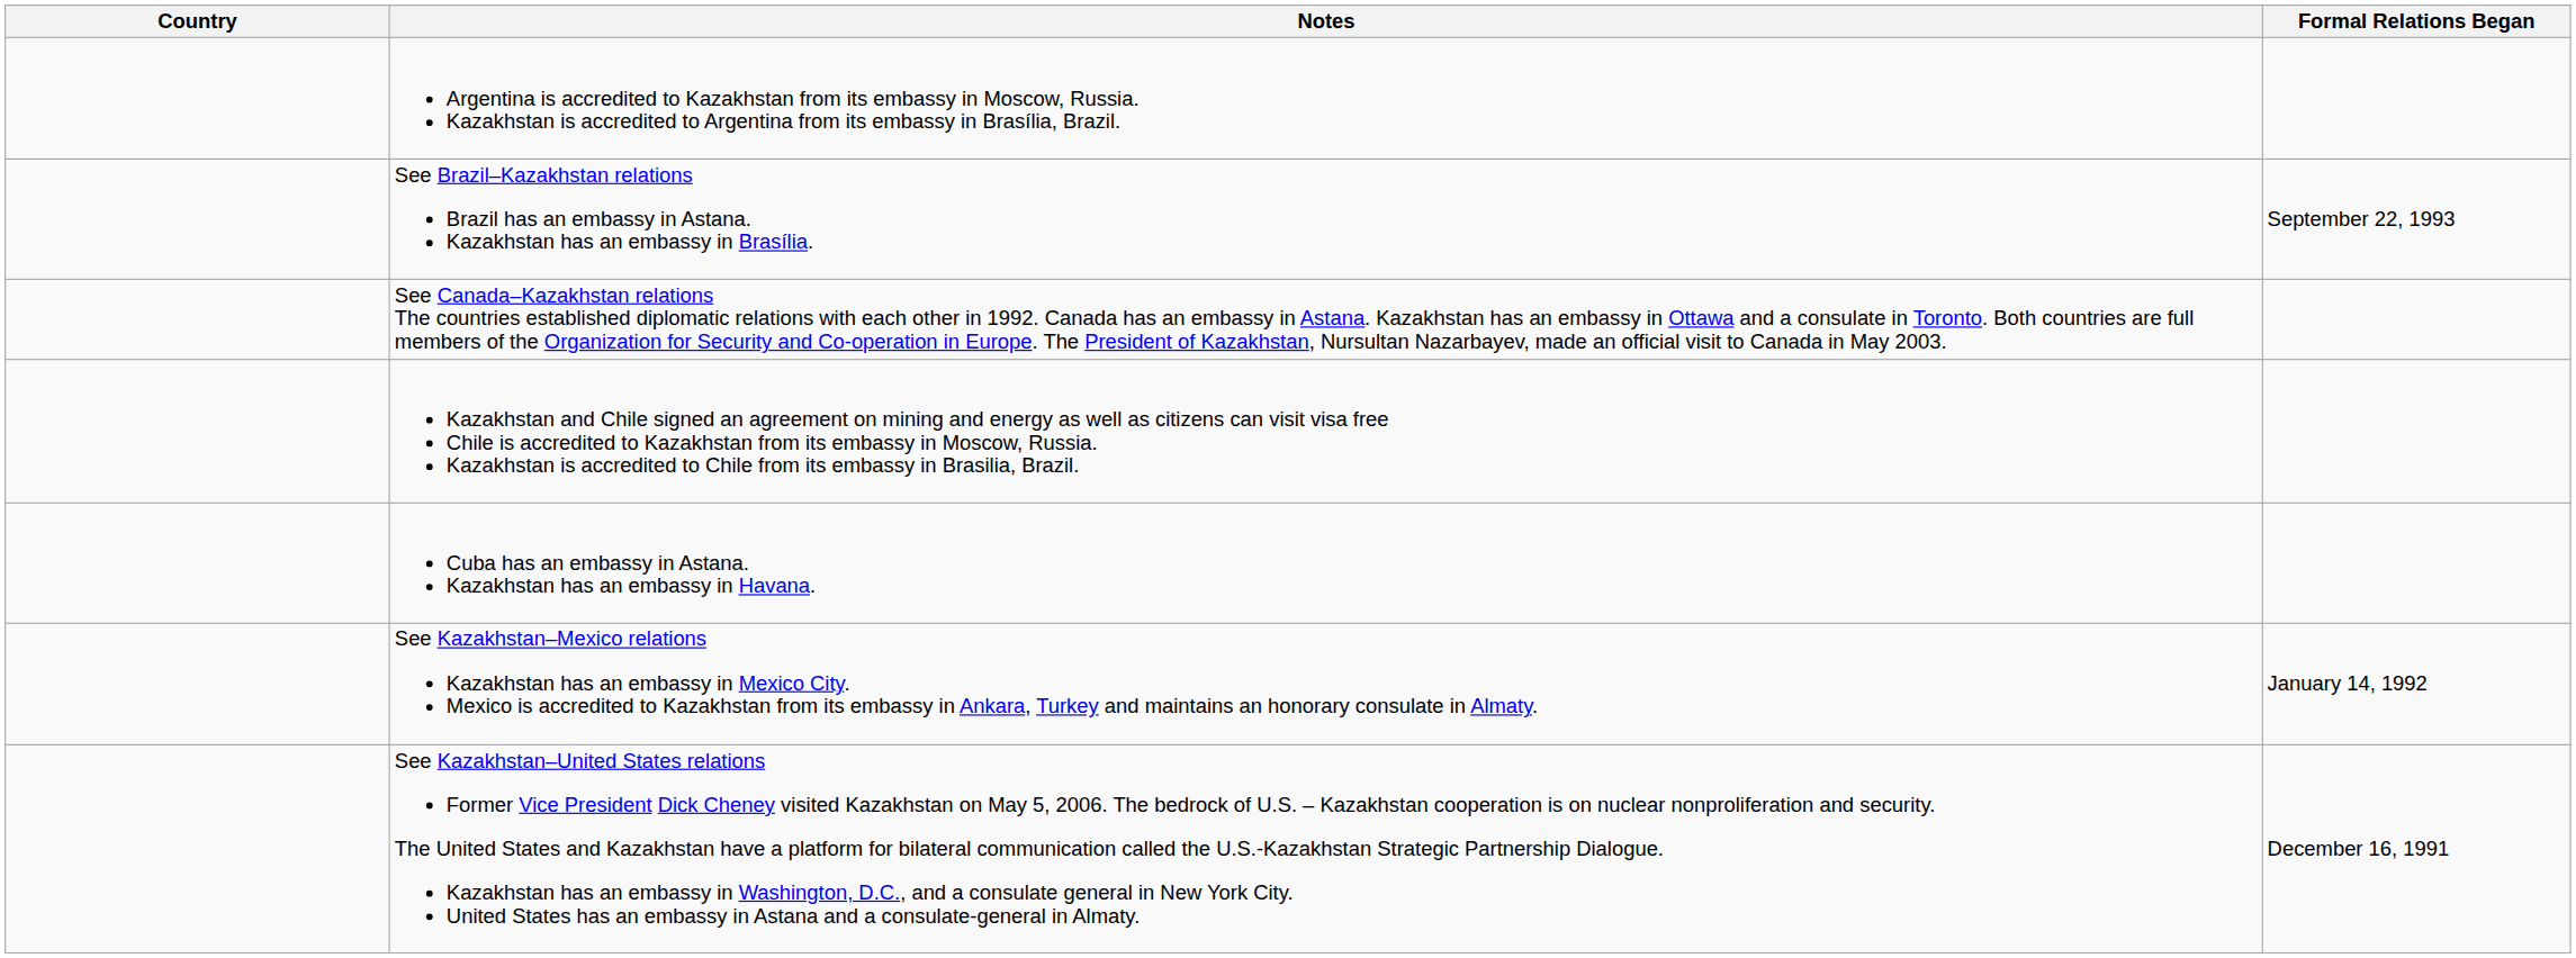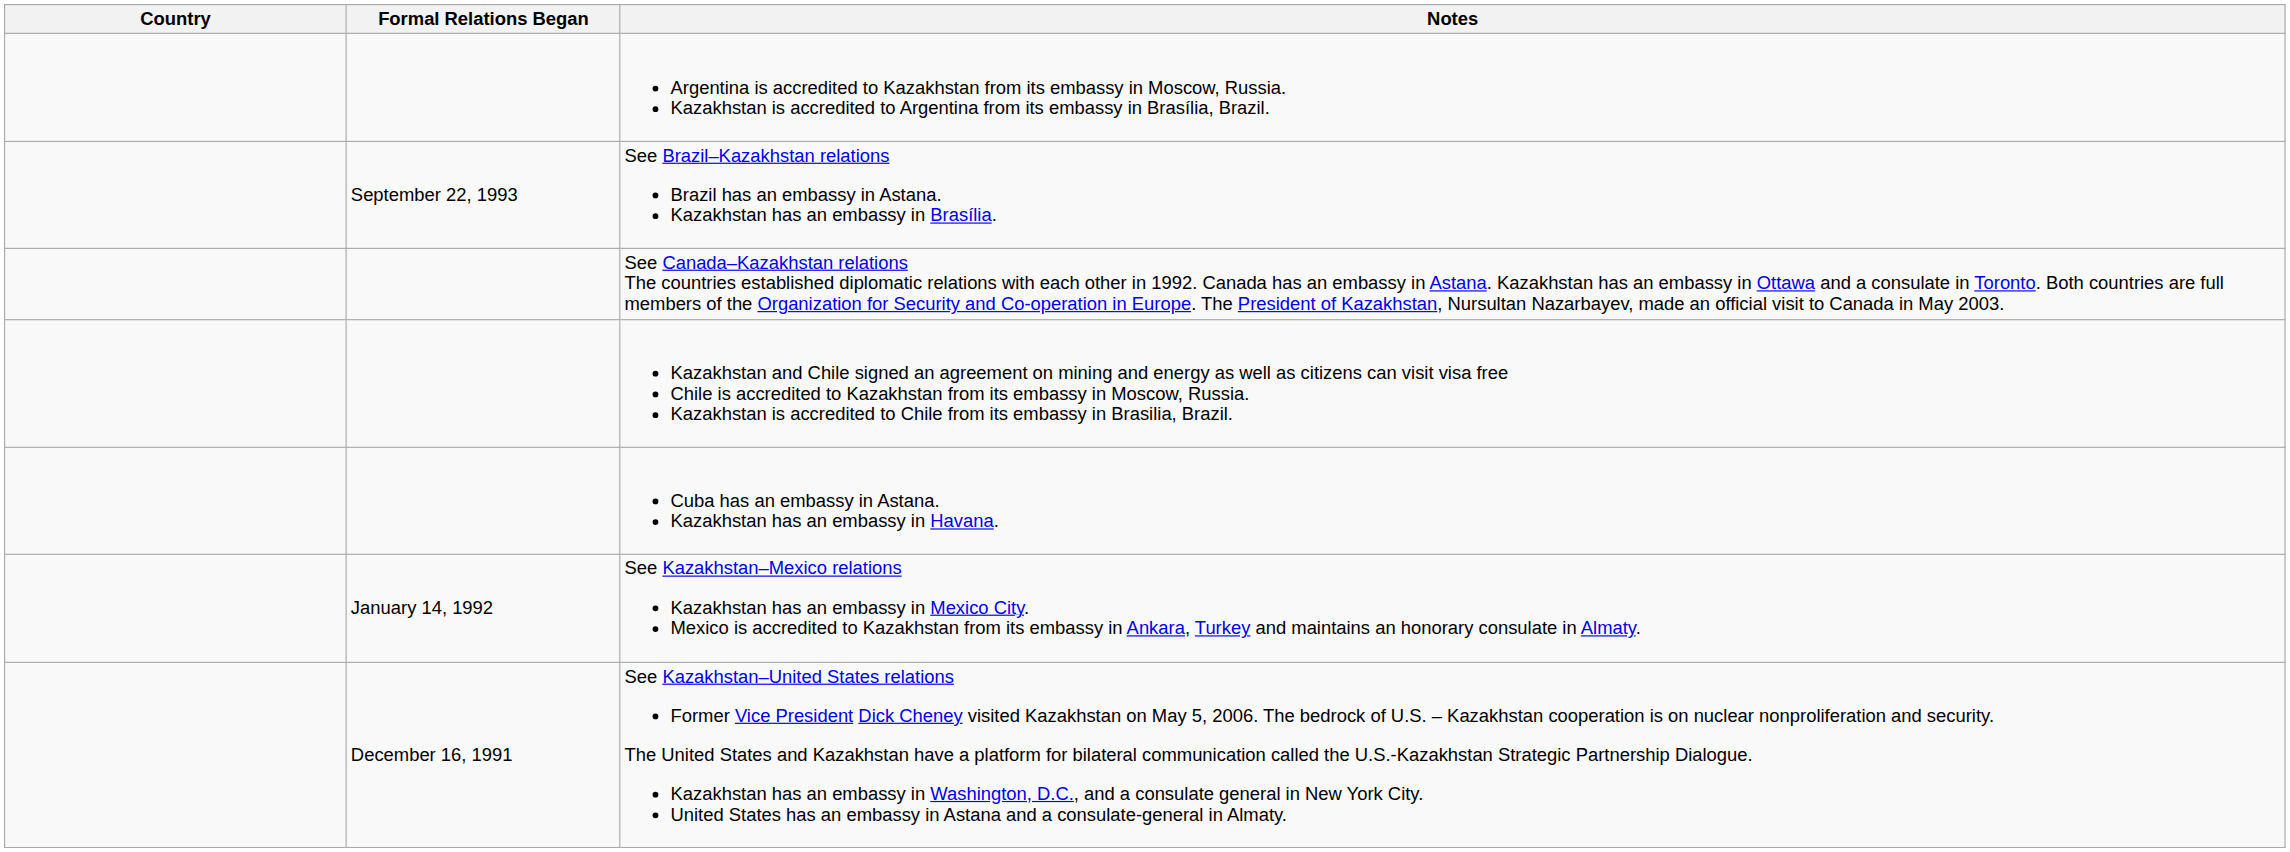 <table class="wikitable sortable" border="1" style="width:100%; margin:auto;">
 <tr>
 <th width="15%">Country</th>
+<th width="12%">Formal Relations Began</th>
 <th>Notes</th>
-<th width="12%">Formal Relations Began</th>
 </tr>
 <tr -valign="top">
 <td></td>
+<td></td>
 <td><br><ul><li>Argentina is accredited to Kazakhstan from its embassy in Moscow, Russia.</li><li>Kazakhstan is accredited to Argentina from its embassy in Brasília, Brazil.</li></ul></td>
-<td></td>
 </tr>
 <tr -valign="top">
 <td></td>
+<td>September 22, 1993</td>
 <td>See <a href='#'>Brazil–Kazakhstan relations</a><br><ul><li>Brazil has an embassy in Astana.</li><li>Kazakhstan has an embassy in <a href='#'>Brasília</a>.</li></ul></td>
-<td>September 22, 1993</td>
 </tr>
 <tr -valign="top">
 <td></td>
+<td></td>
 <td>See <a href='#'>Canada–Kazakhstan relations</a><br>The countries established diplomatic relations with each other in 1992. Canada has an embassy in <a href='#'>Astana</a>. Kazakhstan has an embassy in <a href='#'>Ottawa</a> and a consulate in <a href='#'>Toronto</a>. Both countries are full members of the <a href='#'>Organization for Security and Co-operation in Europe</a>. The <a href='#'>President of Kazakhstan</a>, Nursultan Nazarbayev, made an official visit to Canada in May 2003.</td>
-<td></td>
 </tr>
 <tr -valign="top">
 <td></td>
+<td></td>
 <td><br><ul><li>Kazakhstan and Chile signed an agreement on mining and energy as well as citizens can visit visa free</li><li>Chile is accredited to Kazakhstan from its embassy in Moscow, Russia.</li><li>Kazakhstan is accredited to Chile from its embassy in Brasilia, Brazil.</li></ul></td>
-<td></td>
 </tr>
 <tr -valign="top">
 <td></td>
+<td></td>
 <td><br><ul><li>Cuba has an embassy in Astana.</li><li>Kazakhstan has an embassy in <a href='#'>Havana</a>.</li></ul></td>
-<td></td>
 </tr>
 <tr -valign="top">
 <td></td>
+<td>January 14, 1992</td>
 <td>See <a href='#'>Kazakhstan–Mexico relations</a><br><ul><li>Kazakhstan has an embassy in <a href='#'>Mexico City</a>.</li><li>Mexico is accredited to Kazakhstan from its embassy in <a href='#'>Ankara</a>, <a href='#'>Turkey</a> and maintains an honorary consulate in <a href='#'>Almaty</a>.</li></ul></td>
-<td>January 14, 1992</td>
 </tr>
 <tr -valign="top">
 <td></td>
+<td>December 16, 1991</td>
 <td>See <a href='#'>Kazakhstan–United States relations</a><br><ul><li>Former <a href='#'>Vice President</a> <a href='#'>Dick Cheney</a> visited Kazakhstan on May 5, 2006. The bedrock of U.S. – Kazakhstan cooperation is on nuclear nonproliferation and security.</li></ul>The United States and Kazakhstan have a platform for bilateral communication called the U.S.-Kazakhstan Strategic Partnership Dialogue.<ul><li>Kazakhstan has an embassy in <a href='#'>Washington, D.C.</a>, and a consulate general in New York City.</li><li>United States has an embassy in Astana and a consulate-general in Almaty.</li></ul></td>
-<td>December 16, 1991</td>
 </tr>
 </table>
